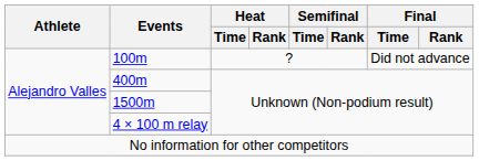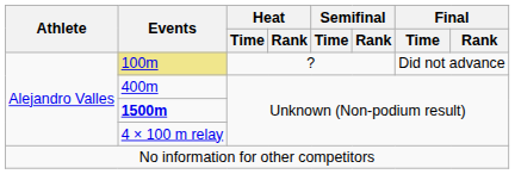 <table class=wikitable style="font-size:90%">
 <tr>
 <th rowspan="2">Athlete</th>
 <th rowspan="2">Events</th>
 <th colspan="2">Heat</th>
 <th colspan="2">Semifinal</th>
 <th colspan="2">Final</th>
 </tr>
 <tr>
 <th>Time</th>
 <th>Rank</th>
 <th>Time</th>
 <th>Rank</th>
 <th>Time</th>
 <th>Rank</th>
 </tr>
 <tr>
 <td rowspan=4><a href='#'>Alejandro Valles</a></td>
-<td><a href='#'>100m</a></td>
+<td style="background: khaki;"><a href='#'>100m</a></td>
 <td colspan=4 align=center>?</td>
 <td colspan=2 align=center>Did not advance</td>
 </tr>
 <tr>
 <td><a href='#'>400m</a></td>
 <td colspan=6 rowspan=3 align=center>Unknown (Non-podium result)</td>
 </tr>
 <tr>
-<td><a href='#'>1500m</a></td>
+<td><strong><a href='#'>1500m</a></strong></td>
 </tr>
 <tr>
 <td><a href='#'>4 × 100 m relay</a></td>
 </tr>
 <tr>
 <td colspan=8 align=center>No information for other competitors</td>
 </tr>
 </table>
